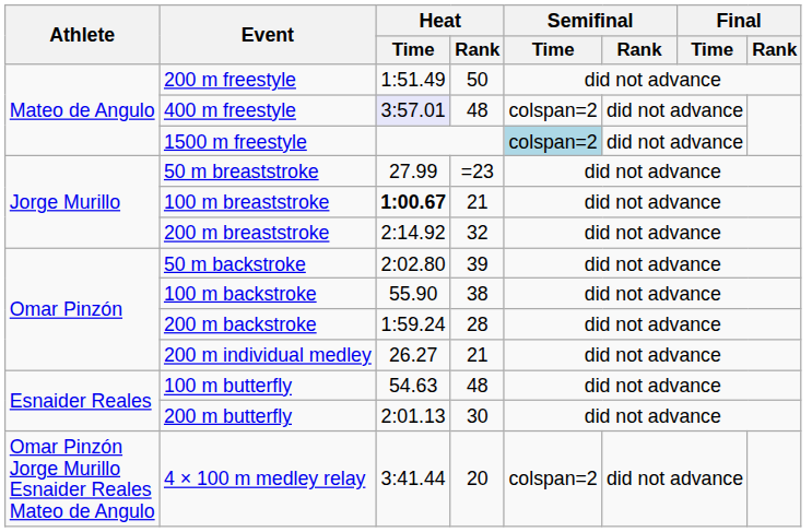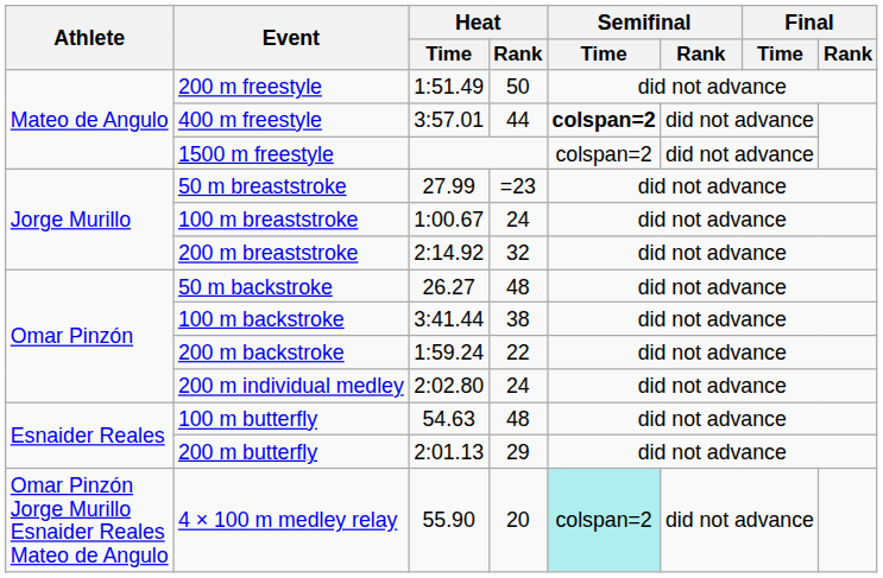 <table class=wikitable style="font-size:90%">
 <tr>
 <th rowspan="2">Athlete</th>
 <th rowspan="2">Event</th>
 <th colspan="2">Heat</th>
 <th colspan="2">Semifinal</th>
 <th colspan="2">Final</th>
 </tr>
 <tr style="font-size:95%">
 <th>Time</th>
 <th>Rank</th>
 <th>Time</th>
 <th>Rank</th>
 <th>Time</th>
 <th>Rank</th>
 </tr>
 <tr align=center>
 <td align=left rowspan=3><a href='#'>Mateo de Angulo</a></td>
 <td align=left><a href='#'>200 m freestyle</a></td>
 <td>1:51.49</td>
 <td>50</td>
 <td colspan=4>did not advance</td>
 </tr>
 <tr align=center>
 <td align=left><a href='#'>400 m freestyle</a></td>
-<td style="background: lavender;">3:57.01</td>
-<td>48</td>
-<td>colspan=2 </td>
+<td>3:57.01</td>
+<td>44</td>
+<td><strong>colspan=2 </strong></td>
 <td colspan=2>did not advance</td>
 </tr>
 <tr align=center>
 <td align=left><a href='#'>1500 m freestyle</a></td>
 <td colspan=2></td>
-<td style="background: lightblue;">colspan=2 </td>
+<td>colspan=2 </td>
 <td colspan=2>did not advance</td>
 </tr>
 <tr align=center>
 <td align=left rowspan=3><a href='#'>Jorge Murillo</a></td>
 <td align=left><a href='#'>50 m breaststroke</a></td>
 <td>27.99</td>
 <td>=23</td>
 <td colspan=4>did not advance</td>
 </tr>
 <tr align=center>
 <td align=left><a href='#'>100 m breaststroke</a></td>
-<td><strong>1:00.67</strong></td>
-<td>21</td>
+<td>1:00.67</td>
+<td>24</td>
 <td colspan=4>did not advance</td>
 </tr>
 <tr align=center>
 <td align=left><a href='#'>200 m breaststroke</a></td>
 <td>2:14.92</td>
 <td>32</td>
 <td colspan=4>did not advance</td>
 </tr>
 <tr align=center>
 <td align=left rowspan=4><a href='#'>Omar Pinzón</a></td>
 <td align=left><a href='#'>50 m backstroke</a></td>
-<td>2:02.80</td>
-<td>39</td>
+<td>26.27</td>
+<td>48</td>
 <td colspan=4>did not advance</td>
 </tr>
 <tr align=center>
 <td align=left><a href='#'>100 m backstroke</a></td>
-<td>55.90</td>
+<td>3:41.44</td>
 <td>38</td>
 <td colspan=4>did not advance</td>
 </tr>
 <tr align=center>
 <td align=left><a href='#'>200 m backstroke</a></td>
 <td>1:59.24</td>
-<td>28</td>
+<td>22</td>
 <td colspan=4>did not advance</td>
 </tr>
 <tr align=center>
 <td align=left><a href='#'>200 m individual medley</a></td>
-<td>26.27</td>
-<td>21</td>
+<td>2:02.80</td>
+<td>24</td>
 <td colspan=4>did not advance</td>
 </tr>
 <tr align=center>
 <td align=left rowspan=2><a href='#'>Esnaider Reales</a></td>
 <td align=left><a href='#'>100 m butterfly</a></td>
 <td>54.63</td>
 <td>48</td>
 <td colspan=4>did not advance</td>
 </tr>
 <tr align=center>
 <td align=left><a href='#'>200 m butterfly</a></td>
 <td>2:01.13</td>
-<td>30</td>
+<td>29</td>
 <td colspan=4>did not advance</td>
 </tr>
 <tr align=center>
 <td align=left><a href='#'>Omar Pinzón</a><br><a href='#'>Jorge Murillo</a><br><a href='#'>Esnaider Reales</a><br><a href='#'>Mateo de Angulo</a></td>
 <td align=left><a href='#'>4 × 100 m medley relay</a></td>
-<td>3:41.44</td>
+<td>55.90</td>
 <td>20</td>
-<td>colspan=2 </td>
+<td style="background: paleturquoise;">colspan=2 </td>
 <td colspan=2>did not advance</td>
 </tr>
 </table>
